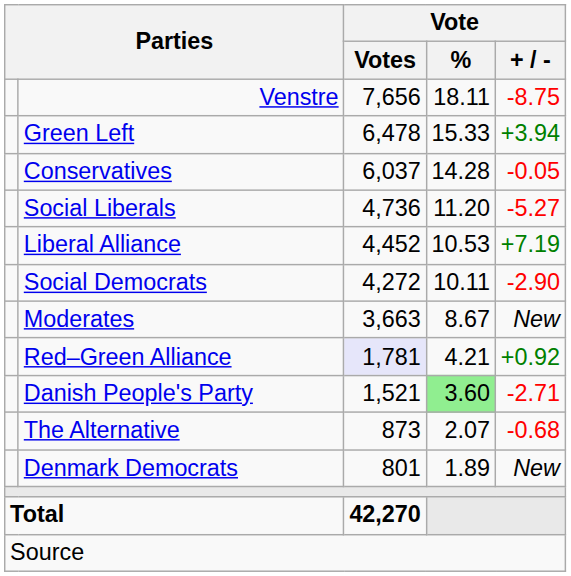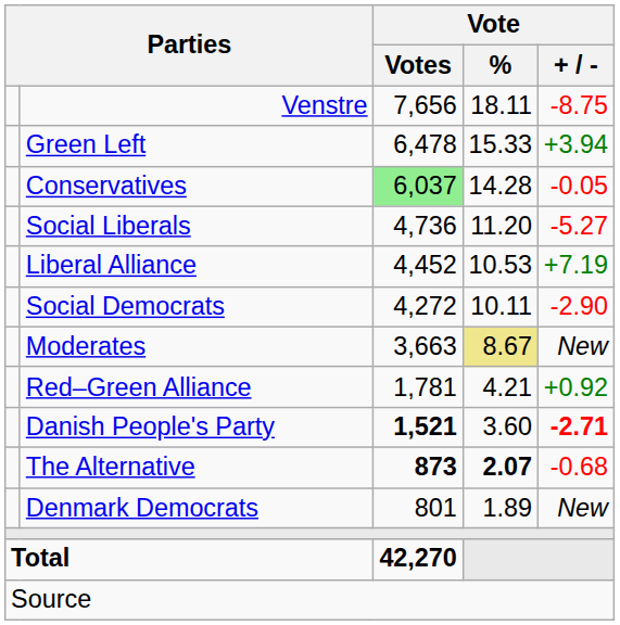 <table class="wikitable" style="text-align:right;">
 <tr>
 <th style="text-align:centre;" rowspan="2" colspan="2" width="225">Parties</th>
 <th colspan="3">Vote</th>
 </tr>
 <tr>
 <th width="15">Votes</th>
 <th width="15">%</th>
 <th width="15">+ / -</th>
 </tr>
 <tr>
 <td width=2 bgcolor=></td>
 <td><a href='#'>Venstre</a></td>
 <td>7,656</td>
 <td>18.11</td>
 <td style=color:red;>-8.75</td>
 </tr>
 <tr>
 <td width=2 bgcolor=></td>
 <td align=left><a href='#'>Green Left</a></td>
 <td>6,478</td>
 <td>15.33</td>
 <td style=color:green;>+3.94</td>
 </tr>
 <tr>
 <td width=2 bgcolor=></td>
 <td align=left><a href='#'>Conservatives</a></td>
-<td>6,037</td>
+<td style="background: lightgreen;">6,037</td>
 <td>14.28</td>
 <td style=color:red;>-0.05</td>
 </tr>
 <tr>
 <td width=2 bgcolor=></td>
 <td align=left><a href='#'>Social Liberals</a></td>
 <td>4,736</td>
 <td>11.20</td>
 <td style=color:red;>-5.27</td>
 </tr>
 <tr>
 <td width=2 bgcolor=></td>
 <td align=left><a href='#'>Liberal Alliance</a></td>
 <td>4,452</td>
 <td>10.53</td>
 <td style=color:green;>+7.19</td>
 </tr>
 <tr>
 <td width=2 bgcolor=></td>
 <td align=left><a href='#'>Social Democrats</a></td>
 <td>4,272</td>
 <td>10.11</td>
 <td style=color:red;>-2.90</td>
 </tr>
 <tr>
 <td width=2 bgcolor=></td>
 <td align=left><a href='#'>Moderates</a></td>
 <td>3,663</td>
-<td>8.67</td>
+<td style="background: khaki;">8.67</td>
 <td><em>New</em></td>
 </tr>
 <tr>
 <td width=2 bgcolor=></td>
 <td align=left><a href='#'>Red–Green Alliance</a></td>
-<td style="background: lavender;">1,781</td>
+<td>1,781</td>
 <td>4.21</td>
 <td style=color:green;>+0.92</td>
 </tr>
 <tr>
 <td width=2 bgcolor=></td>
 <td align=left><a href='#'>Danish People's Party</a></td>
-<td>1,521</td>
-<td style="background: lightgreen;">3.60</td>
-<td style=color:red;>-2.71</td>
+<td><strong>1,521</strong></td>
+<td>3.60</td>
+<td style=color:red;><strong>-2.71</strong></td>
 </tr>
 <tr>
 <td width=2 bgcolor=></td>
 <td align=left><a href='#'>The Alternative</a></td>
-<td>873</td>
-<td>2.07</td>
+<td><strong>873</strong></td>
+<td><strong>2.07</strong></td>
 <td style=color:red;>-0.68</td>
 </tr>
 <tr>
 <td width=2 bgcolor=></td>
 <td align=left><a href='#'>Denmark Democrats</a></td>
 <td>801</td>
 <td>1.89</td>
 <td><em>New</em></td>
 </tr>
 <tr>
 <td colspan="7" bgcolor="#E9E9E9"></td>
 </tr>
 <tr>
 <td align="left" colspan="2"><strong>Total</strong></td>
 <td><strong>42,270</strong></td>
 <td bgcolor=#E9E9E9 colspan=2></td>
 </tr>
 <tr>
 <td align="left" colspan="6">Source</td>
 </tr>
 </table>
